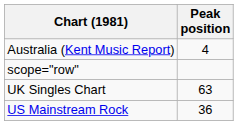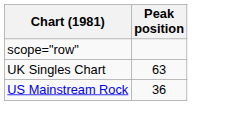 <table class="wikitable sortable plainrowheaders">
 <tr>
 <th scope="col">Chart (1981)</th>
 <th scope="col">Peak<br>position</th>
-</tr>
-<tr>
-<td scope="row">Australia (<a href='#'>Kent Music Report</a>)</td>
-<td style="text-align:center;">4</td>
 </tr>
 <tr>
 <td>scope="row"</td>
 </tr>
 <tr>
 <td>UK Singles Chart</td>
 <td style="text-align:center;">63</td>
 </tr>
 <tr>
 <td><a href='#'>US Mainstream Rock</a></td>
 <td style="text-align:center;">36</td>
 </tr>
 </table>
